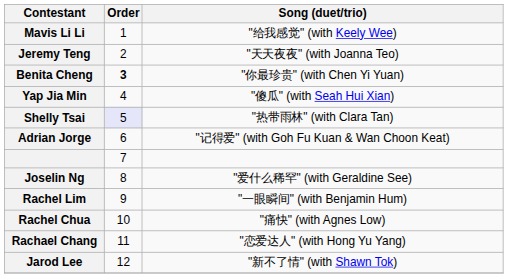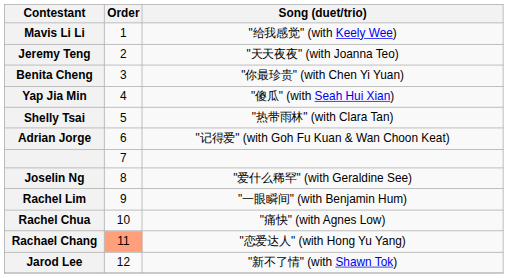 <table class="wikitable plainrowheaders" style="text-align:center;">
 <tr>
 <th scope="col" style="width:8em;">Contestant</th>
 <th scope="col">Order</th>
 <th scope="col" style="width:30em;">Song (duet/trio)</th>
 </tr>
 <tr>
 <th scope="row">Mavis Li Li</th>
 <td>1</td>
 <td>"给我感觉" (with <a href='#'>Keely Wee</a>)</td>
 </tr>
 <tr>
 <th scope="row">Jeremy Teng</th>
 <td>2</td>
 <td>"天天夜夜" (with Joanna Teo)</td>
 </tr>
 <tr>
 <th scope="row">Benita Cheng</th>
-<td><strong>3</strong></td>
+<td>3</td>
 <td>"你最珍贵" (with Chen Yi Yuan)</td>
 </tr>
 <tr>
 <th scope="row">Yap Jia Min</th>
 <td>4</td>
 <td>"傻瓜" (with <a href='#'>Seah Hui Xian</a>)</td>
 </tr>
 <tr>
 <th scope="row">Shelly Tsai</th>
-<td style="background: lavender;">5</td>
+<td>5</td>
 <td>"热带雨林" (with Clara Tan)</td>
 </tr>
 <tr>
 <th scope="row">Adrian Jorge</th>
 <td>6</td>
 <td>"记得爱" (with Goh Fu Kuan & Wan Choon Keat)</td>
 </tr>
 <tr>
 <th scope="row"></th>
 <td>7</td>
 <td></td>
 </tr>
 <tr>
 <th scope="row">Joselin Ng</th>
 <td>8</td>
 <td>"爱什么稀罕" (with Geraldine See)</td>
 </tr>
 <tr>
 <th scope="row">Rachel Lim</th>
 <td>9</td>
 <td>"一眼瞬间" (with Benjamin Hum)</td>
 </tr>
 <tr>
 <th scope="row">Rachel Chua</th>
 <td>10</td>
 <td>"痛快" (with Agnes Low)</td>
 </tr>
 <tr>
 <th scope="row">Rachael Chang</th>
-<td>11</td>
+<td style="background: lightsalmon;">11</td>
 <td>"恋爱达人" (with Hong Yu Yang)</td>
 </tr>
 <tr>
 <th scope="row">Jarod Lee</th>
 <td>12</td>
 <td>"新不了情" (with <a href='#'>Shawn Tok</a>)</td>
 </tr>
 <tr>
 </tr>
 </table>
